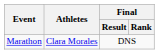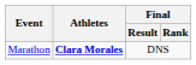 <table class="wikitable" border="1" style="font-size:90%">
 <tr>
 <th rowspan="2">Event</th>
 <th rowspan="2">Athletes</th>
 <th colspan="2">Final</th>
 </tr>
 <tr>
 <th>Result</th>
 <th>Rank</th>
 </tr>
 <tr>
 <td><a href='#'>Marathon</a></td>
-<td><a href='#'>Clara Morales</a></td>
+<td><strong><a href='#'>Clara Morales</a></strong></td>
 <td align=center colspan=2>DNS</td>
 </tr>
 </table>
